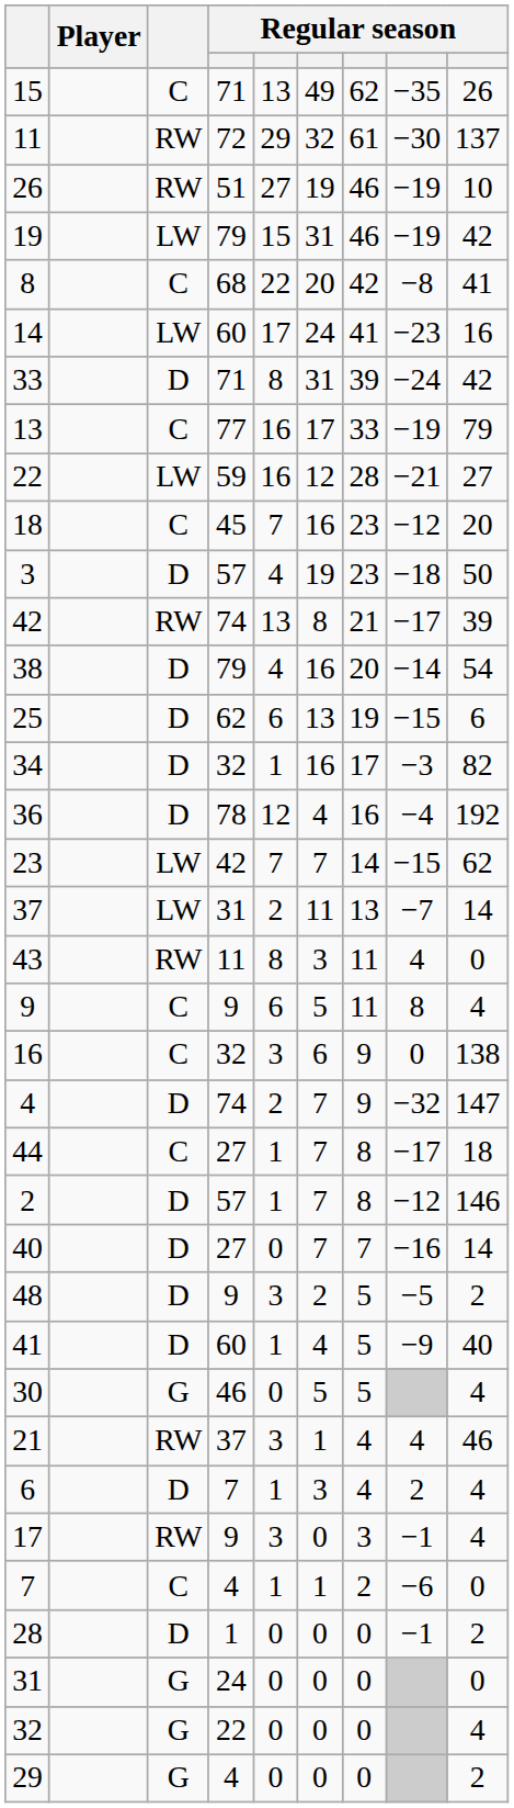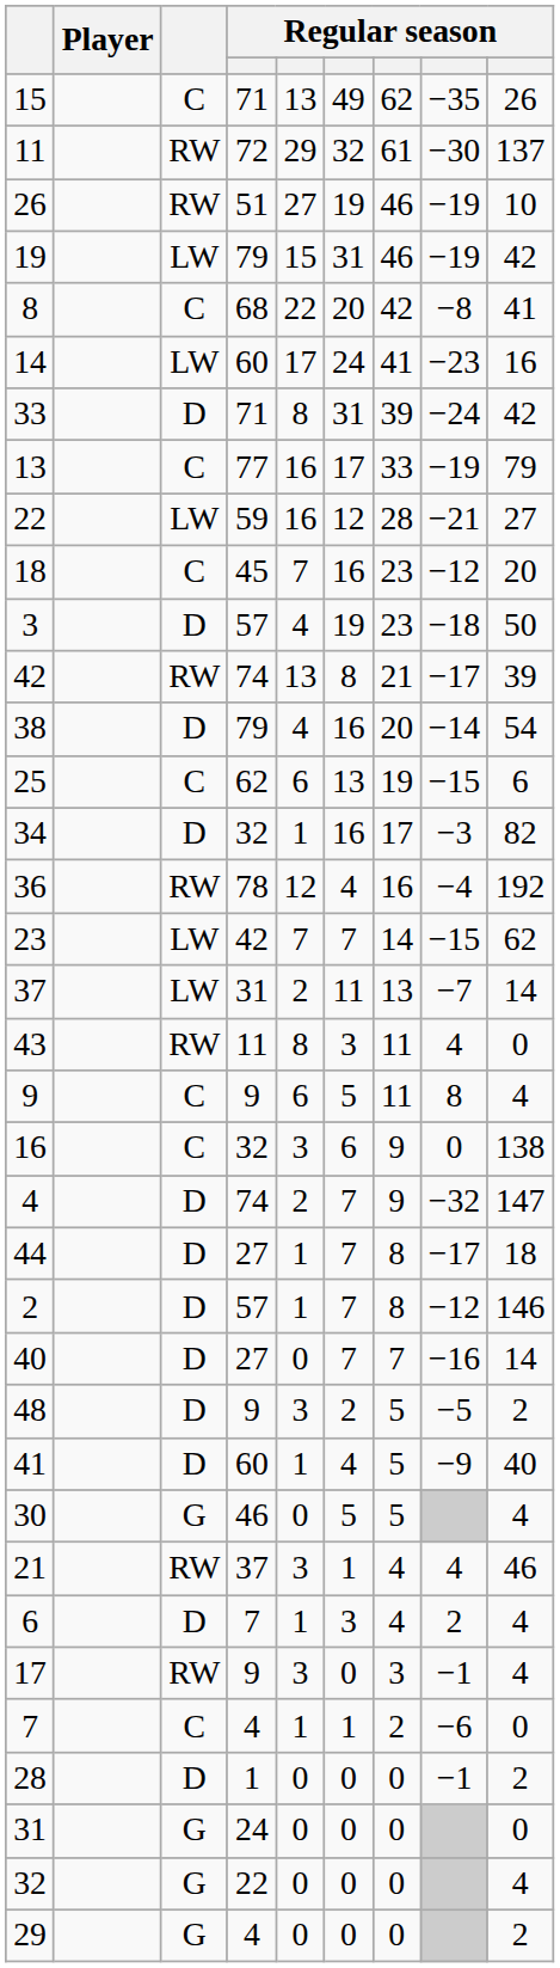 <table class="wikitable sortable plainrowheaders" style="text-align:center;">
 <tr>
 <th scope="col" data-sort-type="number" rowspan="2"></th>
 <th scope="col" rowspan="2">Player</th>
 <th scope="col" rowspan="2"></th>
 <th scope=colgroup colspan=6>Regular season</th>
 </tr>
 <tr>
 <th scope="col" data-sort-type="number"></th>
 <th scope="col" data-sort-type="number"></th>
 <th scope="col" data-sort-type="number"></th>
 <th scope="col" data-sort-type="number"></th>
 <th scope="col" data-sort-type="number"></th>
 <th scope="col" data-sort-type="number"></th>
 </tr>
 <tr>
 <td scope="row">15</td>
 <td align="left"></td>
 <td>C</td>
 <td>71</td>
 <td>13</td>
 <td>49</td>
 <td>62</td>
 <td>−35</td>
 <td>26</td>
 </tr>
 <tr>
 <td scope="row">11</td>
 <td align="left"></td>
 <td>RW</td>
 <td>72</td>
 <td>29</td>
 <td>32</td>
 <td>61</td>
 <td>−30</td>
 <td>137</td>
 </tr>
 <tr>
 <td scope="row">26</td>
 <td align="left"></td>
 <td>RW</td>
 <td>51</td>
 <td>27</td>
 <td>19</td>
 <td>46</td>
 <td>−19</td>
 <td>10</td>
 </tr>
 <tr>
 <td scope="row">19</td>
 <td align="left"></td>
 <td>LW</td>
 <td>79</td>
 <td>15</td>
 <td>31</td>
 <td>46</td>
 <td>−19</td>
 <td>42</td>
 </tr>
 <tr>
 <td scope="row">8</td>
 <td align="left"></td>
 <td>C</td>
 <td>68</td>
 <td>22</td>
 <td>20</td>
 <td>42</td>
 <td>−8</td>
 <td>41</td>
 </tr>
 <tr>
 <td scope="row">14</td>
 <td align="left"></td>
 <td>LW</td>
 <td>60</td>
 <td>17</td>
 <td>24</td>
 <td>41</td>
 <td>−23</td>
 <td>16</td>
 </tr>
 <tr>
 <td scope="row">33</td>
 <td align="left"></td>
 <td>D</td>
 <td>71</td>
 <td>8</td>
 <td>31</td>
 <td>39</td>
 <td>−24</td>
 <td>42</td>
 </tr>
 <tr>
 <td scope="row">13</td>
 <td align="left"></td>
 <td>C</td>
 <td>77</td>
 <td>16</td>
 <td>17</td>
 <td>33</td>
 <td>−19</td>
 <td>79</td>
 </tr>
 <tr>
 <td scope="row">22</td>
 <td align="left"></td>
 <td>LW</td>
 <td>59</td>
 <td>16</td>
 <td>12</td>
 <td>28</td>
 <td>−21</td>
 <td>27</td>
 </tr>
 <tr>
 <td scope="row">18</td>
 <td align="left"></td>
 <td>C</td>
 <td>45</td>
 <td>7</td>
 <td>16</td>
 <td>23</td>
 <td>−12</td>
 <td>20</td>
 </tr>
 <tr>
 <td scope="row">3</td>
 <td align="left"></td>
 <td>D</td>
 <td>57</td>
 <td>4</td>
 <td>19</td>
 <td>23</td>
 <td>−18</td>
 <td>50</td>
 </tr>
 <tr>
 <td scope="row">42</td>
 <td align="left"></td>
 <td>RW</td>
 <td>74</td>
 <td>13</td>
 <td>8</td>
 <td>21</td>
 <td>−17</td>
 <td>39</td>
 </tr>
 <tr>
 <td scope="row">38</td>
 <td align="left"></td>
 <td>D</td>
 <td>79</td>
 <td>4</td>
 <td>16</td>
 <td>20</td>
 <td>−14</td>
 <td>54</td>
 </tr>
 <tr>
 <td scope="row">25</td>
 <td align="left"></td>
-<td>D</td>
+<td>C</td>
 <td>62</td>
 <td>6</td>
 <td>13</td>
 <td>19</td>
 <td>−15</td>
 <td>6</td>
 </tr>
 <tr>
 <td scope="row">34</td>
 <td align="left"></td>
 <td>D</td>
 <td>32</td>
 <td>1</td>
 <td>16</td>
 <td>17</td>
 <td>−3</td>
 <td>82</td>
 </tr>
 <tr>
 <td scope="row">36</td>
 <td align="left"></td>
-<td>D</td>
+<td>RW</td>
 <td>78</td>
 <td>12</td>
 <td>4</td>
 <td>16</td>
 <td>−4</td>
 <td>192</td>
 </tr>
 <tr>
 <td scope="row">23</td>
 <td align="left"></td>
 <td>LW</td>
 <td>42</td>
 <td>7</td>
 <td>7</td>
 <td>14</td>
 <td>−15</td>
 <td>62</td>
 </tr>
 <tr>
 <td scope="row">37</td>
 <td align="left"></td>
 <td>LW</td>
 <td>31</td>
 <td>2</td>
 <td>11</td>
 <td>13</td>
 <td>−7</td>
 <td>14</td>
 </tr>
 <tr>
 <td scope="row">43</td>
 <td align="left"></td>
 <td>RW</td>
 <td>11</td>
 <td>8</td>
 <td>3</td>
 <td>11</td>
 <td>4</td>
 <td>0</td>
 </tr>
 <tr>
 <td scope="row">9</td>
 <td align="left"></td>
 <td>C</td>
 <td>9</td>
 <td>6</td>
 <td>5</td>
 <td>11</td>
 <td>8</td>
 <td>4</td>
 </tr>
 <tr>
 <td scope="row">16</td>
 <td align="left"></td>
 <td>C</td>
 <td>32</td>
 <td>3</td>
 <td>6</td>
 <td>9</td>
 <td>0</td>
 <td>138</td>
 </tr>
 <tr>
 <td scope="row">4</td>
 <td align="left"></td>
 <td>D</td>
 <td>74</td>
 <td>2</td>
 <td>7</td>
 <td>9</td>
 <td>−32</td>
 <td>147</td>
 </tr>
 <tr>
 <td scope="row">44</td>
 <td align="left"></td>
-<td>C</td>
+<td>D</td>
 <td>27</td>
 <td>1</td>
 <td>7</td>
 <td>8</td>
 <td>−17</td>
 <td>18</td>
 </tr>
 <tr>
 <td scope="row">2</td>
 <td align="left"></td>
 <td>D</td>
 <td>57</td>
 <td>1</td>
 <td>7</td>
 <td>8</td>
 <td>−12</td>
 <td>146</td>
 </tr>
 <tr>
 <td scope="row">40</td>
 <td align="left"></td>
 <td>D</td>
 <td>27</td>
 <td>0</td>
 <td>7</td>
 <td>7</td>
 <td>−16</td>
 <td>14</td>
 </tr>
 <tr>
 <td scope="row">48</td>
 <td align="left"></td>
 <td>D</td>
 <td>9</td>
 <td>3</td>
 <td>2</td>
 <td>5</td>
 <td>−5</td>
 <td>2</td>
 </tr>
 <tr>
 <td scope="row">41</td>
 <td align="left"></td>
 <td>D</td>
 <td>60</td>
 <td>1</td>
 <td>4</td>
 <td>5</td>
 <td>−9</td>
 <td>40</td>
 </tr>
 <tr>
 <td scope="row">30</td>
 <td align="left"></td>
 <td>G</td>
 <td>46</td>
 <td>0</td>
 <td>5</td>
 <td>5</td>
 <td style="background:#ccc"></td>
 <td>4</td>
 </tr>
 <tr>
 <td scope="row">21</td>
 <td align="left"></td>
 <td>RW</td>
 <td>37</td>
 <td>3</td>
 <td>1</td>
 <td>4</td>
 <td>4</td>
 <td>46</td>
 </tr>
 <tr>
 <td scope="row">6</td>
 <td align="left"></td>
 <td>D</td>
 <td>7</td>
 <td>1</td>
 <td>3</td>
 <td>4</td>
 <td>2</td>
 <td>4</td>
 </tr>
 <tr>
 <td scope="row">17</td>
 <td align="left"></td>
 <td>RW</td>
 <td>9</td>
 <td>3</td>
 <td>0</td>
 <td>3</td>
 <td>−1</td>
 <td>4</td>
 </tr>
 <tr>
 <td scope="row">7</td>
 <td align="left"></td>
 <td>C</td>
 <td>4</td>
 <td>1</td>
 <td>1</td>
 <td>2</td>
 <td>−6</td>
 <td>0</td>
 </tr>
 <tr>
 <td scope="row">28</td>
 <td align="left"></td>
 <td>D</td>
 <td>1</td>
 <td>0</td>
 <td>0</td>
 <td>0</td>
 <td>−1</td>
 <td>2</td>
 </tr>
 <tr>
 <td scope="row">31</td>
 <td align="left"></td>
 <td>G</td>
 <td>24</td>
 <td>0</td>
 <td>0</td>
 <td>0</td>
 <td style="background:#ccc"></td>
 <td>0</td>
 </tr>
 <tr>
 <td scope="row">32</td>
 <td align="left"></td>
 <td>G</td>
 <td>22</td>
 <td>0</td>
 <td>0</td>
 <td>0</td>
 <td style="background:#ccc"></td>
 <td>4</td>
 </tr>
 <tr>
 <td scope="row">29</td>
 <td align="left"></td>
 <td>G</td>
 <td>4</td>
 <td>0</td>
 <td>0</td>
 <td>0</td>
 <td style="background:#ccc"></td>
 <td>2</td>
 </tr>
 </table>
